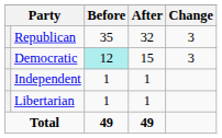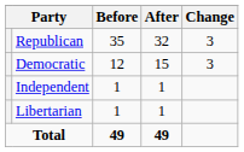 <table class="wikitable" style="text-align:center;">
 <tr>
 </tr>
 <tr>
 <th colspan=2>Party</th>
 <th>Before</th>
 <th>After</th>
 <th>Change</th>
 </tr>
 <tr>
 <th style="background-color:"></th>
 <td style="text-align:left;"><a href='#'>Republican</a></td>
 <td>35</td>
 <td>32</td>
 <td> 3</td>
 </tr>
 <tr>
 <th style="background-color:"></th>
 <td style="text-align:left;"><a href='#'>Democratic</a></td>
-<td style="background: paleturquoise;">12</td>
+<td>12</td>
 <td>15</td>
 <td> 3</td>
 </tr>
 <tr>
 <th style="background-color:"></th>
 <td style="text-align:left;"><a href='#'>Independent</a></td>
 <td>1</td>
 <td>1</td>
 <td></td>
 </tr>
 <tr>
 <th style="background-color:"></th>
 <td style="text-align:left;"><a href='#'>Libertarian</a></td>
 <td>1</td>
 <td>1</td>
 <td></td>
 </tr>
 <tr>
 <td colspan=2><strong>Total</strong></td>
 <td><strong>49</strong></td>
 <td><strong>49</strong></td>
 <td></td>
 </tr>
 </table>
